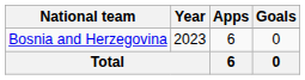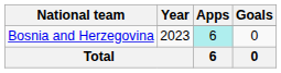 <table class="wikitable" style="text-align:center">
 <tr>
 <th>National team</th>
 <th>Year</th>
 <th>Apps</th>
 <th>Goals</th>
 </tr>
 <tr>
 <td rowspan=2><a href='#'>Bosnia and Herzegovina</a></td>
 </tr>
 <tr>
 <td>2023</td>
-<td>6</td>
+<td style="background: paleturquoise;">6</td>
 <td>0</td>
 </tr>
 <tr>
 <th colspan=2>Total</th>
 <th>6</th>
 <th>0</th>
 </tr>
 </table>
